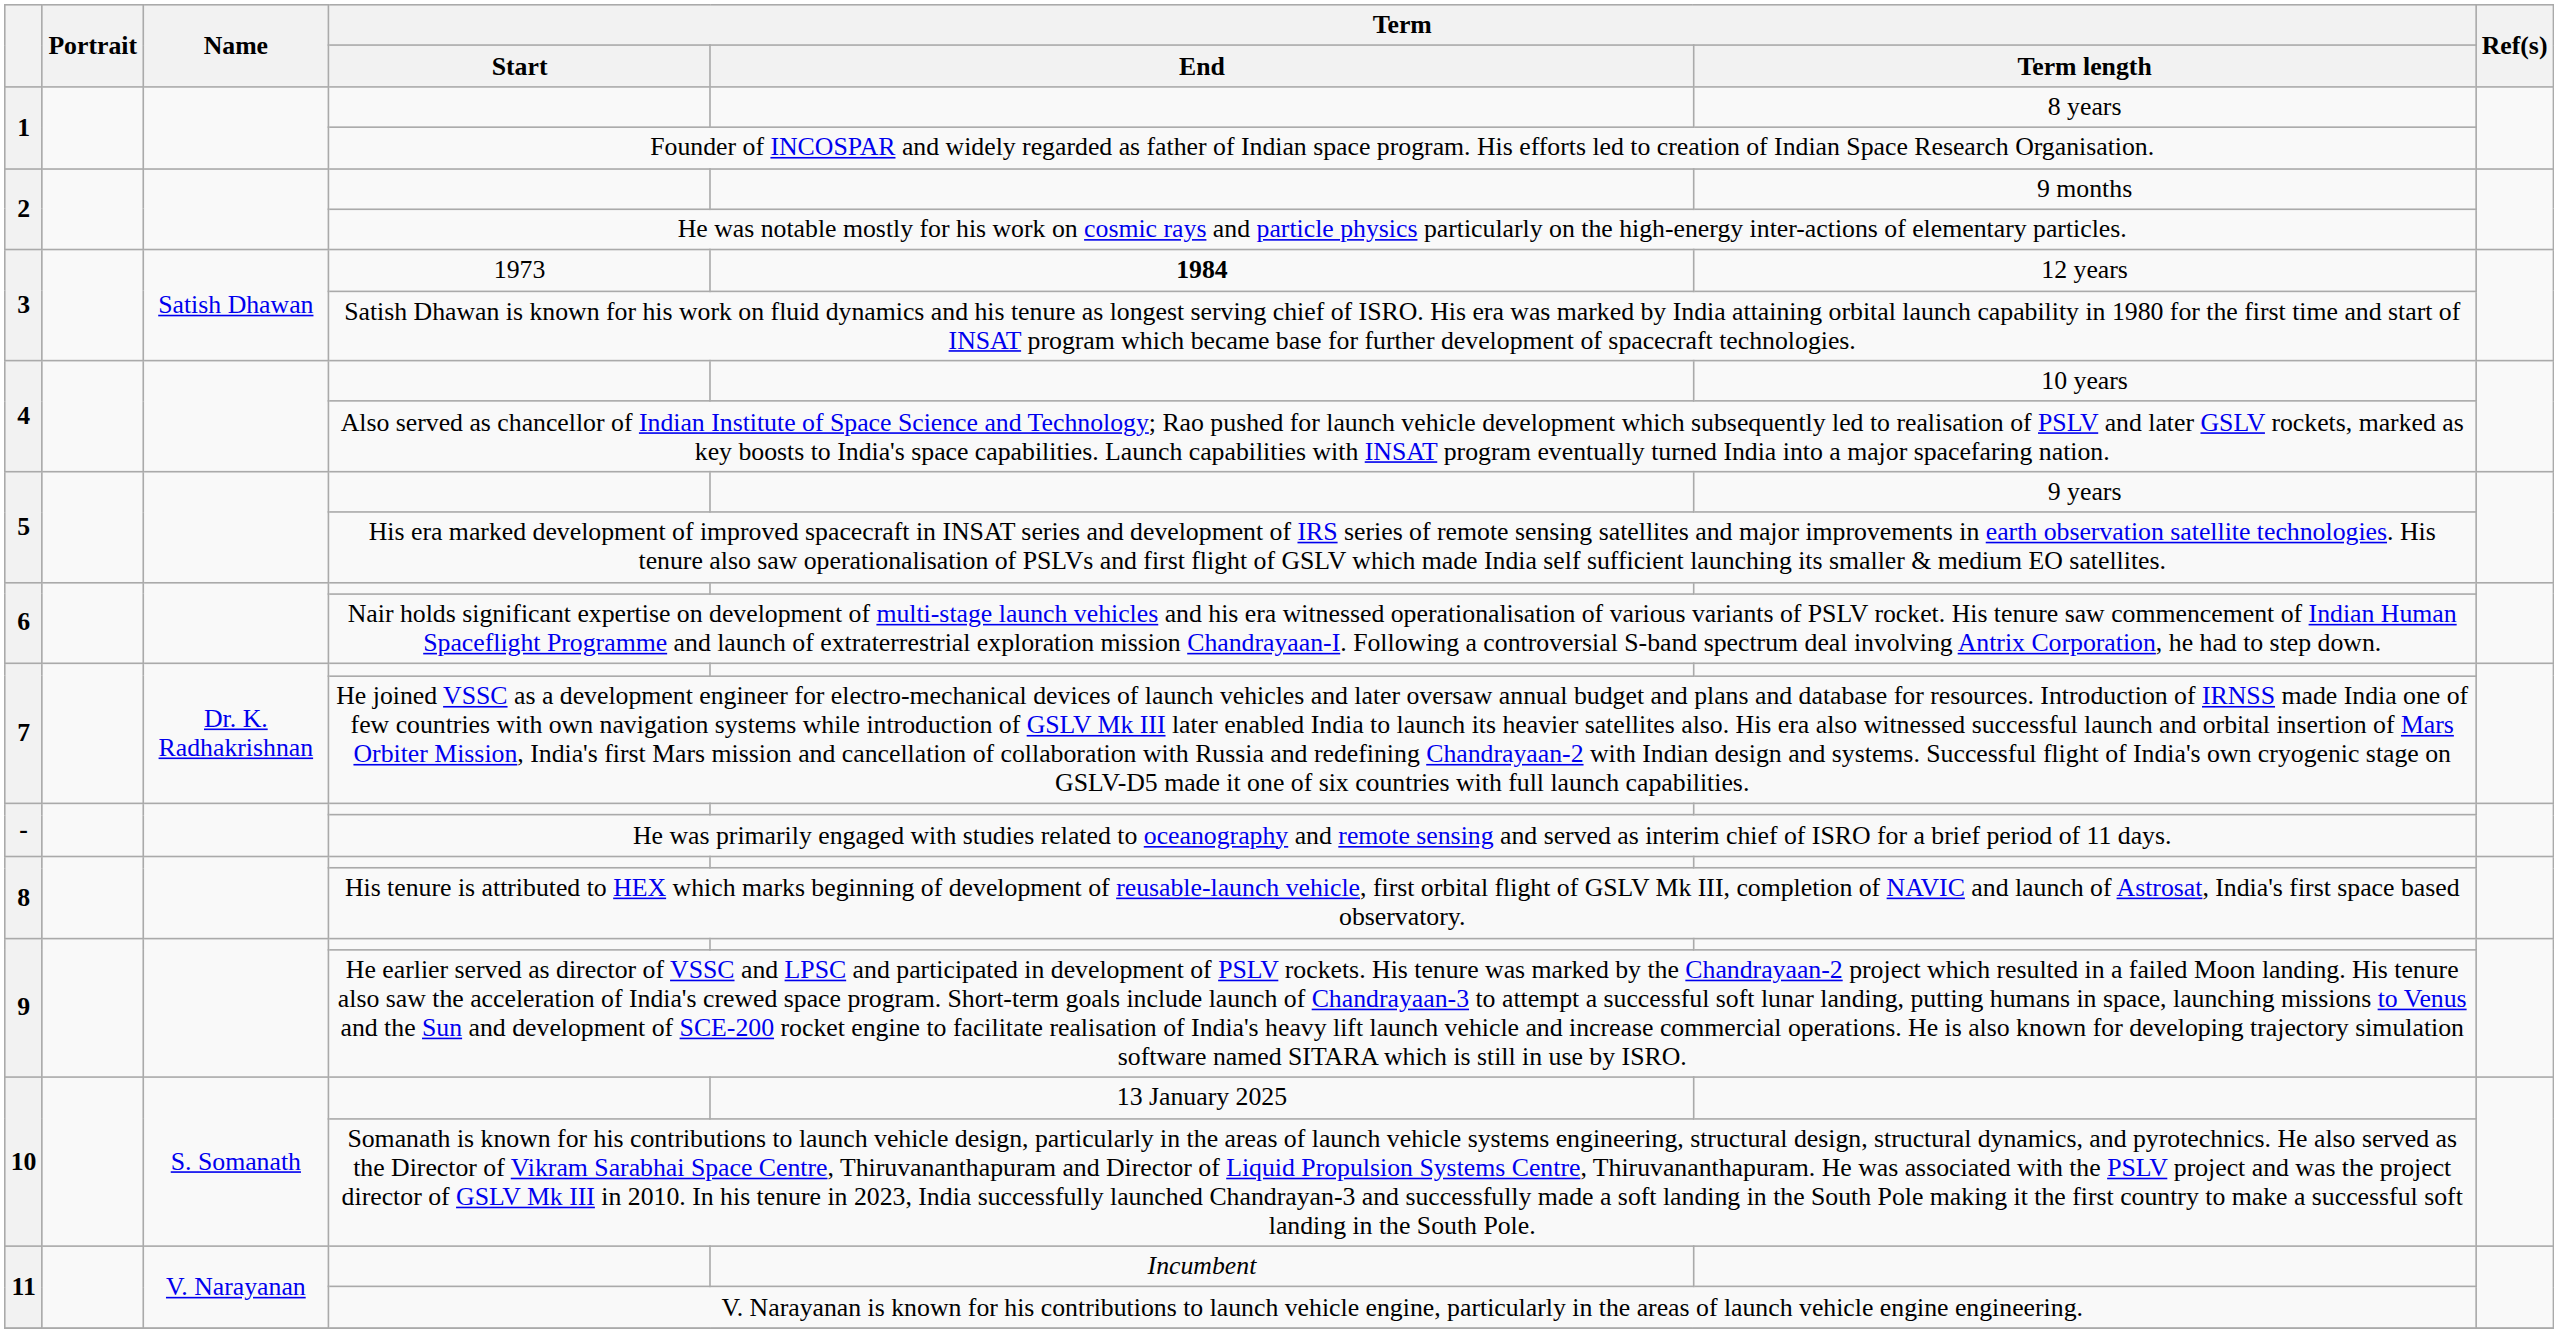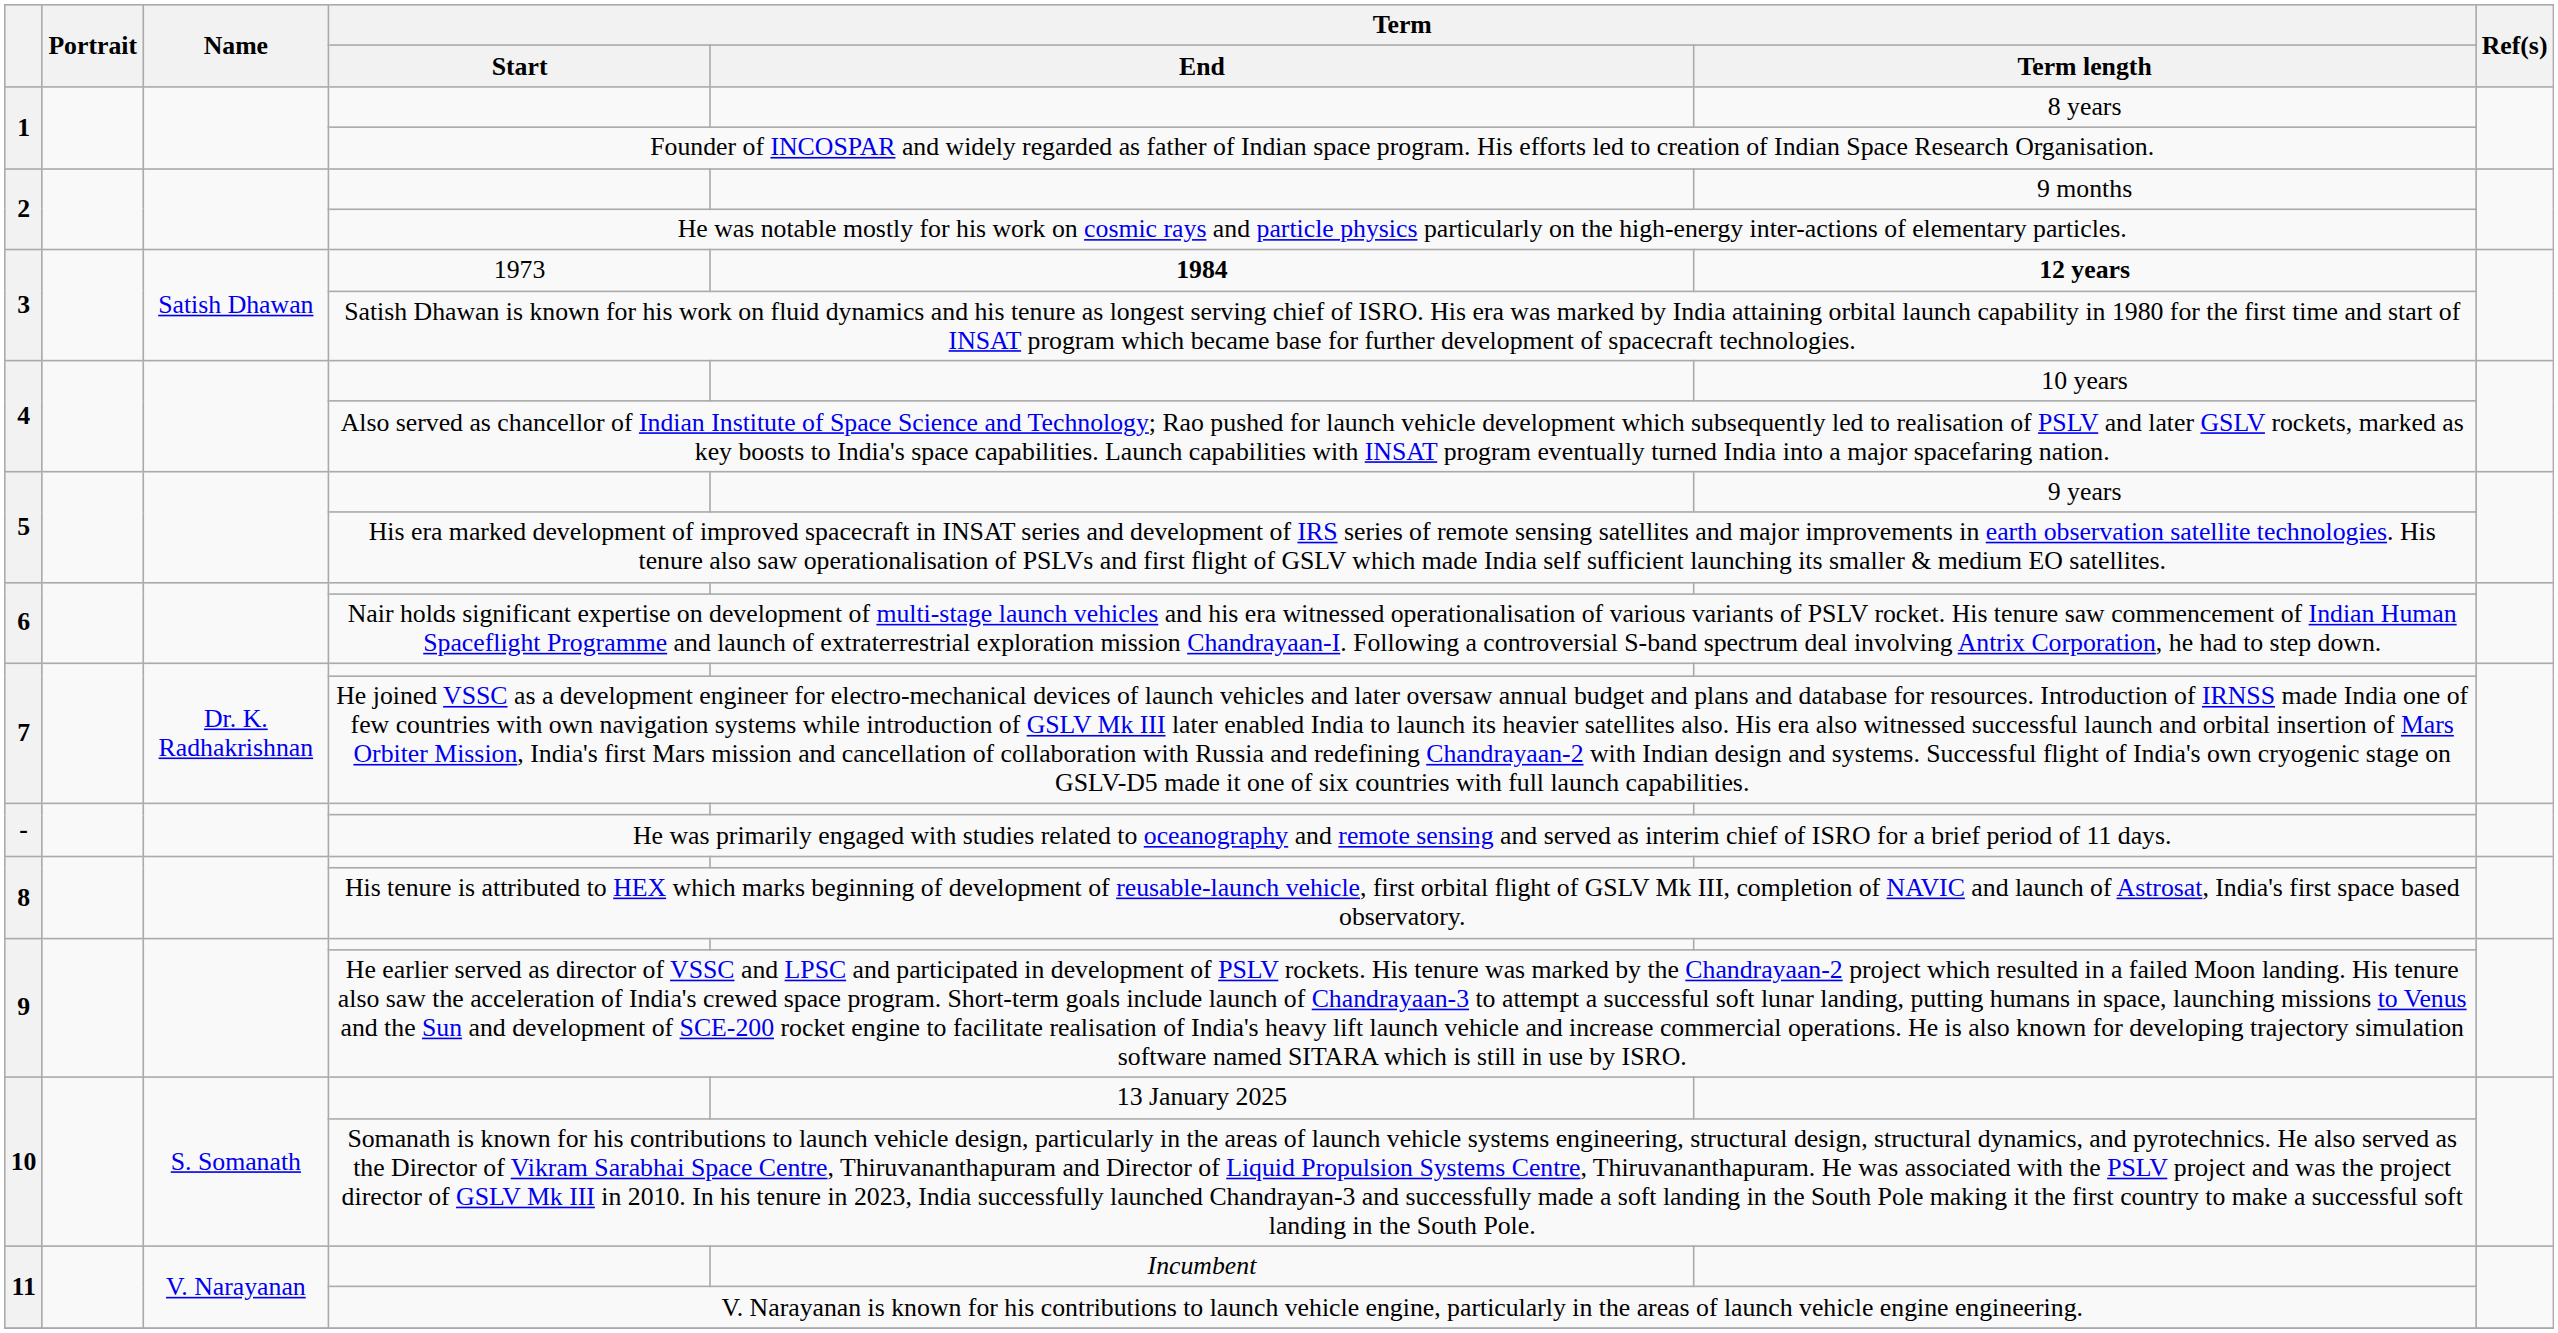 <table class="wikitable sortable" style="width:100%; text-align:center">
 <tr>
 <th rowspan="2" data-sort-type=number></th>
 <th rowspan="2">Portrait</th>
 <th rowspan="2">Name<br></th>
 <th colspan="3">Term</th>
 <th class="unsortable" rowspan="2">Ref(s)</th>
 </tr>
 <tr>
 <th>Start</th>
 <th>End</th>
 <th>Term length</th>
 </tr>
 <tr>
 <th rowspan="2"; data-sort-type=number>1</th>
 <td rowspan="2"></td>
 <td rowspan="2"><br></td>
 <td></td>
 <td></td>
 <td>8 years</td>
 <td rowspan="2"></td>
 </tr>
 <tr -bgcolor=#EEEEEE>
 <td colspan="3">Founder of <a href='#'>INCOSPAR</a> and widely regarded as father of Indian space program. His efforts led to creation of Indian Space Research Organisation.</td>
 </tr>
 <tr>
 <th rowspan="2"; data-sort-type=number>2</th>
 <td rowspan="2"></td>
 <td rowspan="2"><br></td>
 <td></td>
 <td></td>
 <td>9 months</td>
 <td rowspan="2"></td>
 </tr>
 <tr -bgcolor=#EEEEEE>
 <td colspan="3">He was notable mostly for his work on <a href='#'>cosmic rays</a> and <a href='#'>particle physics</a> particularly on the high-energy inter-actions of elementary particles.</td>
 </tr>
 <tr>
 <th rowspan="2"; data-sort-type=number>3</th>
 <td rowspan="2"></td>
 <td rowspan="2"><a href='#'>Satish Dhawan</a><br></td>
 <td>1973</td>
 <td><strong>1984</strong></td>
-<td>12 years</td>
+<td><strong>12 years</strong></td>
 <td rowspan="2"></td>
 </tr>
 <tr -bgcolor=#EEEEEE>
 <td colspan="3">Satish Dhawan is known for his work on fluid dynamics and his tenure as longest serving chief of ISRO. His era was marked by India attaining orbital launch capability in 1980 for the first time and start of <a href='#'>INSAT</a> program which became base for further development of spacecraft technologies.</td>
 </tr>
 <tr>
 <th rowspan="2"  data-sort-type=number>4</th>
 <td rowspan="2"></td>
 <td rowspan="2"><br></td>
 <td></td>
 <td></td>
 <td>10 years</td>
 <td rowspan="2"></td>
 </tr>
 <tr -bgcolor=#EEEEEE>
 <td colspan="3">Also served as chancellor of <a href='#'>Indian Institute of Space Science and Technology</a>; Rao pushed for launch vehicle development which subsequently led to realisation of <a href='#'>PSLV</a> and later <a href='#'>GSLV</a> rockets, marked as key boosts to India's space capabilities. Launch capabilities with <a href='#'>INSAT</a> program eventually turned India into a major spacefaring nation.</td>
 </tr>
 <tr>
 <th rowspan="2" ; data-sort-type=number>5</th>
 <td rowspan="2"></td>
 <td rowspan="2"><br></td>
 <td></td>
 <td></td>
 <td>9 years</td>
 <td rowspan="2"></td>
 </tr>
 <tr -bgcolor=#EEEEEE>
 <td colspan="3">His era marked development of improved spacecraft in INSAT series and development of <a href='#'>IRS</a> series of remote sensing satellites and major improvements in <a href='#'>earth observation satellite technologies</a>. His tenure also saw operationalisation of PSLVs and first flight of GSLV which made India self sufficient launching its smaller & medium EO satellites.</td>
 </tr>
 <tr>
 <th rowspan="2"; data-sort-type=number>6</th>
 <td rowspan="2"></td>
 <td rowspan="2"><br></td>
 <td></td>
 <td></td>
 <td></td>
 <td rowspan="2"></td>
 </tr>
 <tr -bgcolor=#EEEEEE>
 <td colspan="3">Nair holds significant expertise on development of <a href='#'>multi-stage launch vehicles</a> and his era witnessed operationalisation of various variants of PSLV rocket. His tenure saw commencement of <a href='#'>Indian Human Spaceflight Programme</a> and launch of extraterrestrial exploration mission <a href='#'>Chandrayaan-I</a>. Following a controversial S-band spectrum deal involving <a href='#'>Antrix Corporation</a>, he had to step down.</td>
 </tr>
 <tr>
 <th rowspan="2"; data-sort-type=number>7</th>
 <td rowspan="2"></td>
 <td rowspan="2"><a href='#'>Dr. K. Radhakrishnan</a><br></td>
 <td></td>
 <td></td>
 <td></td>
 <td rowspan="2"></td>
 </tr>
 <tr -bgcolor=#EEEEEE>
 <td colspan="3">He joined <a href='#'>VSSC</a> as a development engineer for electro-mechanical devices of launch vehicles and later oversaw annual budget and plans and database for resources. Introduction of <a href='#'>IRNSS</a> made India one of few countries with own navigation systems while introduction of <a href='#'>GSLV Mk III</a> later enabled India to launch its heavier satellites also. His era also witnessed successful launch and orbital insertion of <a href='#'>Mars Orbiter Mission</a>, India's first Mars mission and cancellation of collaboration with Russia and redefining <a href='#'>Chandrayaan-2</a> with Indian design and systems. Successful flight of India's own cryogenic stage on GSLV-D5 made it one of six countries with full launch capabilities.</td>
 </tr>
 <tr>
 <th rowspan="2"; data-sort-type=number>-</th>
 <td rowspan="2"></td>
 <td rowspan="2"><br></td>
 <td></td>
 <td></td>
 <td></td>
 <td rowspan="2"></td>
 </tr>
 <tr -bgcolor=#EEEEEE>
 <td colspan="3">He was primarily engaged with studies related to <a href='#'>oceanography</a> and <a href='#'>remote sensing</a> and served as interim chief of ISRO for a brief period of 11 days.</td>
 </tr>
 <tr>
 <th rowspan="2"; data-sort-type=number>8</th>
 <td rowspan="2"></td>
 <td rowspan="2"><br></td>
 <td></td>
 <td></td>
 <td></td>
 <td rowspan="2"></td>
 </tr>
 <tr -bgcolor=#EEEEEE>
 <td colspan="3">His tenure is attributed to <a href='#'>HEX</a> which marks beginning of development of <a href='#'>reusable-launch vehicle</a>, first orbital flight of GSLV Mk III, completion of <a href='#'>NAVIC</a> and launch of <a href='#'>Astrosat</a>, India's first space based observatory.</td>
 </tr>
 <tr>
 <th rowspan="2"; data-sort-type=number>9</th>
 <td rowspan="2"></td>
 <td rowspan="2"><br></td>
 <td></td>
 <td></td>
 <td></td>
 <td rowspan="2"></td>
 </tr>
 <tr -bgcolor=#EEEEEE>
 <td colspan="3">He earlier served as director of <a href='#'>VSSC</a> and <a href='#'>LPSC</a> and participated in development of <a href='#'>PSLV</a> rockets. His tenure was marked by the <a href='#'>Chandrayaan-2</a> project which resulted in a failed Moon landing. His tenure also saw the acceleration of India's crewed space program. Short-term goals include launch of <a href='#'>Chandrayaan-3</a> to attempt a successful soft lunar landing, putting humans in space, launching missions <a href='#'>to Venus</a> and the <a href='#'>Sun</a> and development of <a href='#'>SCE-200</a> rocket engine to facilitate realisation of India's heavy lift launch vehicle and increase commercial operations. He is also known for developing trajectory simulation software named SITARA which is still in use by ISRO.</td>
 </tr>
 <tr>
 <th rowspan="2"; data-sort-type=number>10</th>
 <td rowspan="2"></td>
 <td rowspan="2"><a href='#'>S. Somanath</a><br></td>
 <td></td>
 <td>13 January 2025</td>
 <td></td>
 <td rowspan="2"></td>
 </tr>
 <tr -bgcolor=#EEEEEE>
 <td colspan="3">Somanath is known for his contributions to launch vehicle design, particularly in the areas of launch vehicle systems engineering, structural design, structural dynamics, and pyrotechnics. He also served as the Director of <a href='#'>Vikram Sarabhai Space Centre</a>, Thiruvananthapuram and  Director of <a href='#'>Liquid Propulsion Systems Centre</a>, Thiruvananthapuram. He was associated with the <a href='#'>PSLV</a> project and was the project director of <a href='#'>GSLV Mk III</a> in 2010. In his tenure in 2023, India successfully launched Chandrayan-3 and successfully made a soft landing in the South Pole making it the first country to make a successful soft landing in the South Pole. </td>
 </tr>
 <tr>
 <th rowspan="2"; data-sort-type=number>11</th>
 <td rowspan="2"></td>
 <td rowspan="2"><a href='#'>V. Narayanan</a><br></td>
 <td></td>
 <td><em>Incumbent</em></td>
 <td></td>
 <td rowspan="2"></td>
 </tr>
 <tr -bgcolor=#EEEEEE>
 <td colspan="3">V. Narayanan is known for his contributions to launch vehicle engine, particularly in the areas of launch vehicle engine engineering.</td>
 </tr>
 <tr>
 </tr>
 </table>
